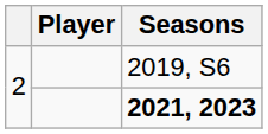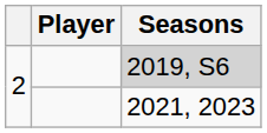 <table class="wikitable sortable">
 <tr>
 <th></th>
 <th>Player</th>
 <th>Seasons</th>
 </tr>
 <tr>
 <td rowspan=2 align=center>2</td>
 <td></td>
-<td>2019, S6</td>
+<td style="background: lightgrey;">2019, S6</td>
 </tr>
 <tr>
 <td></td>
-<td><strong>2021, 2023</strong></td>
+<td>2021, 2023</td>
 </tr>
 </table>
